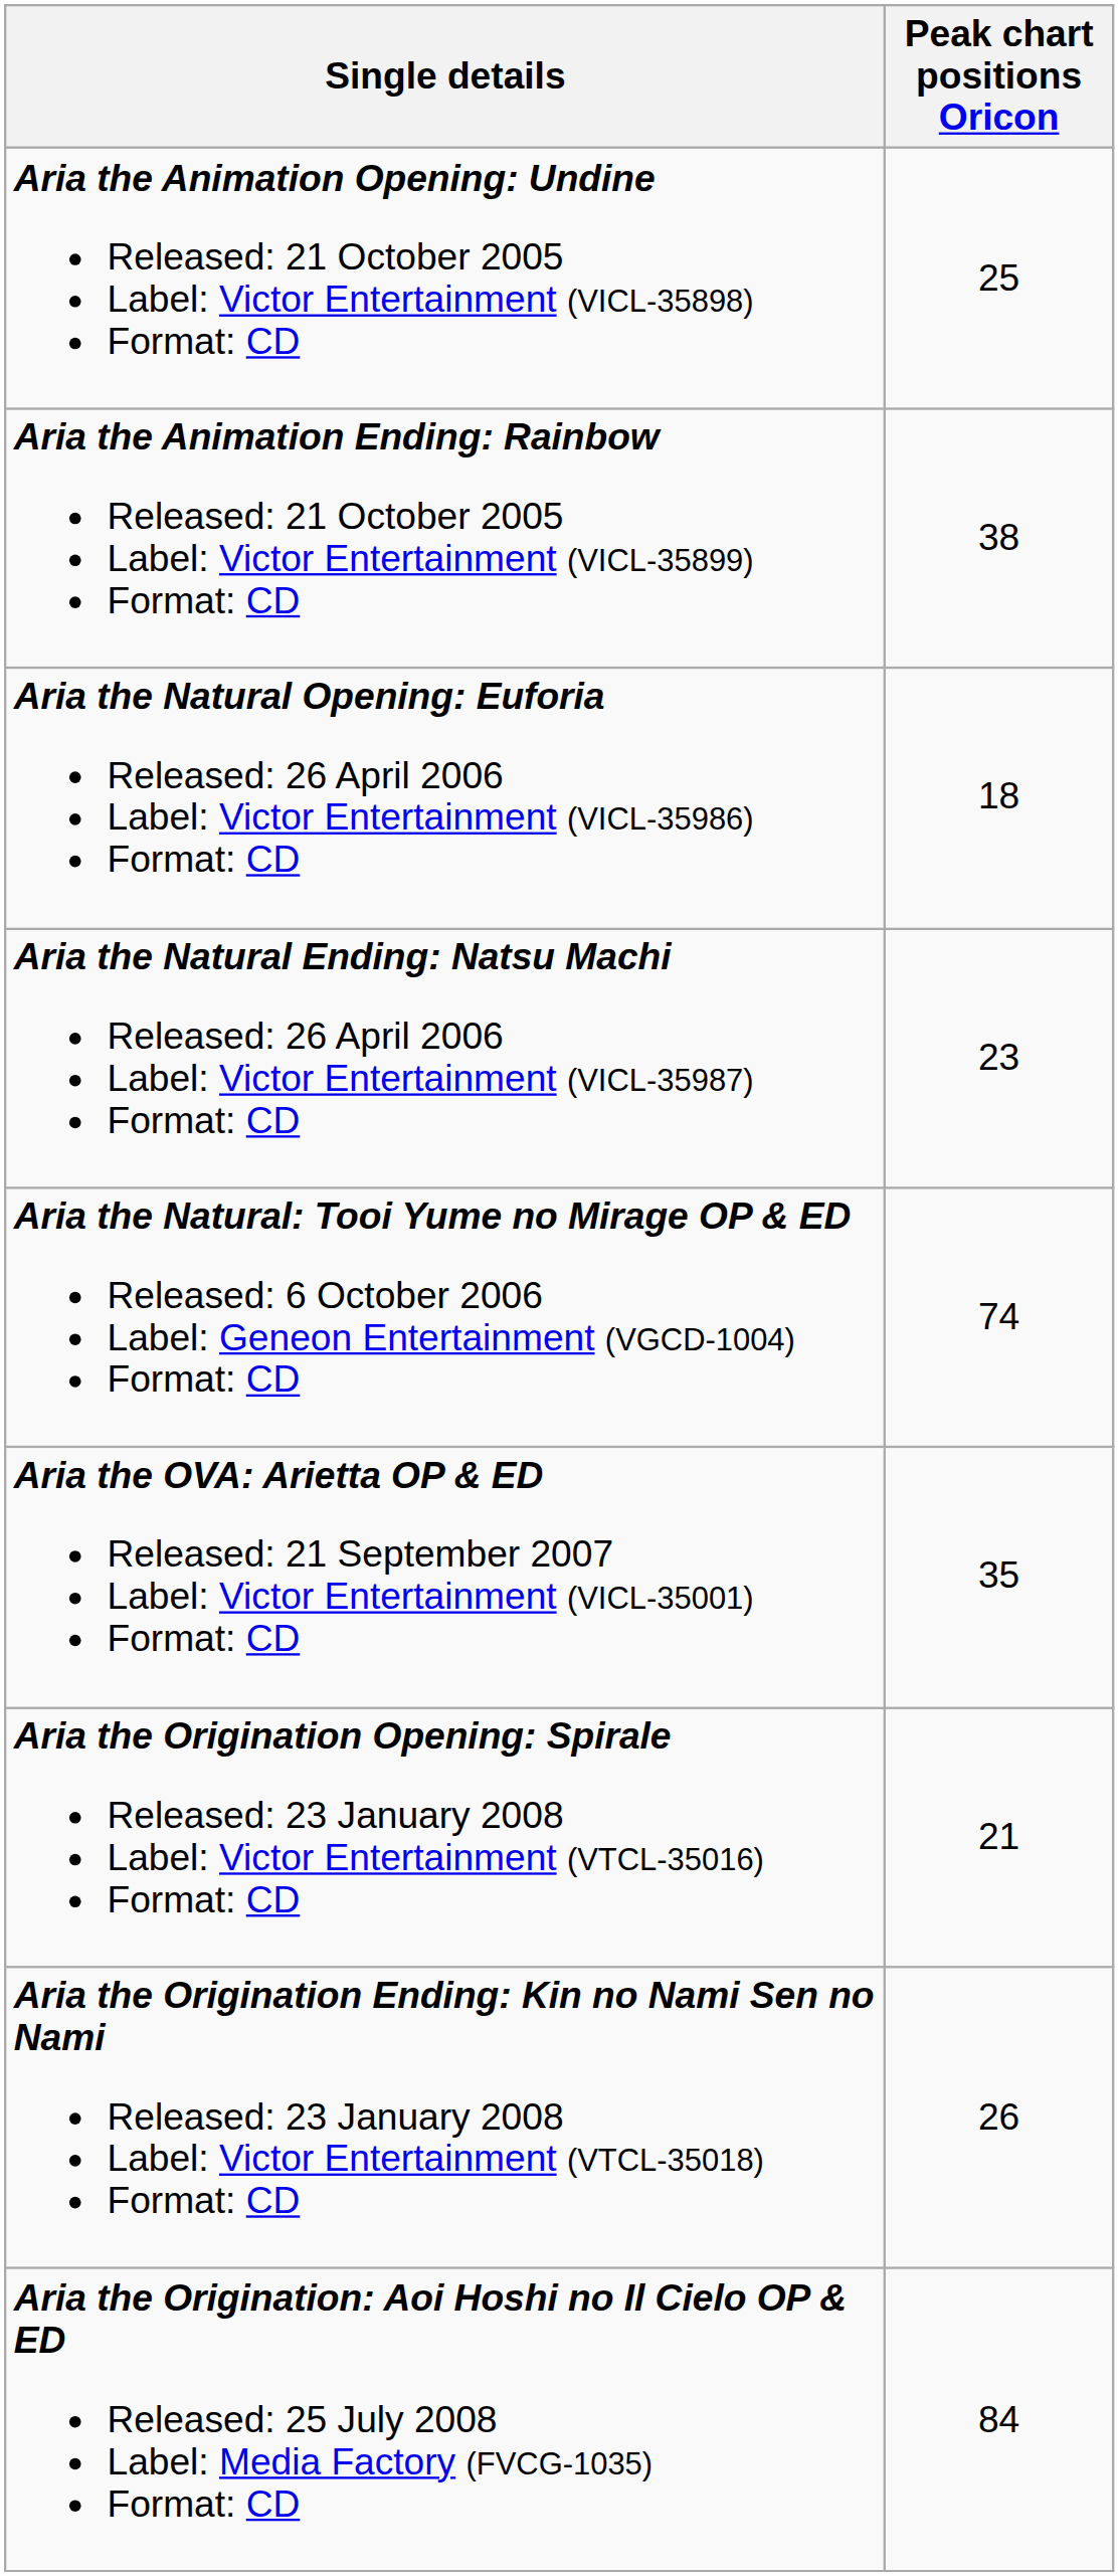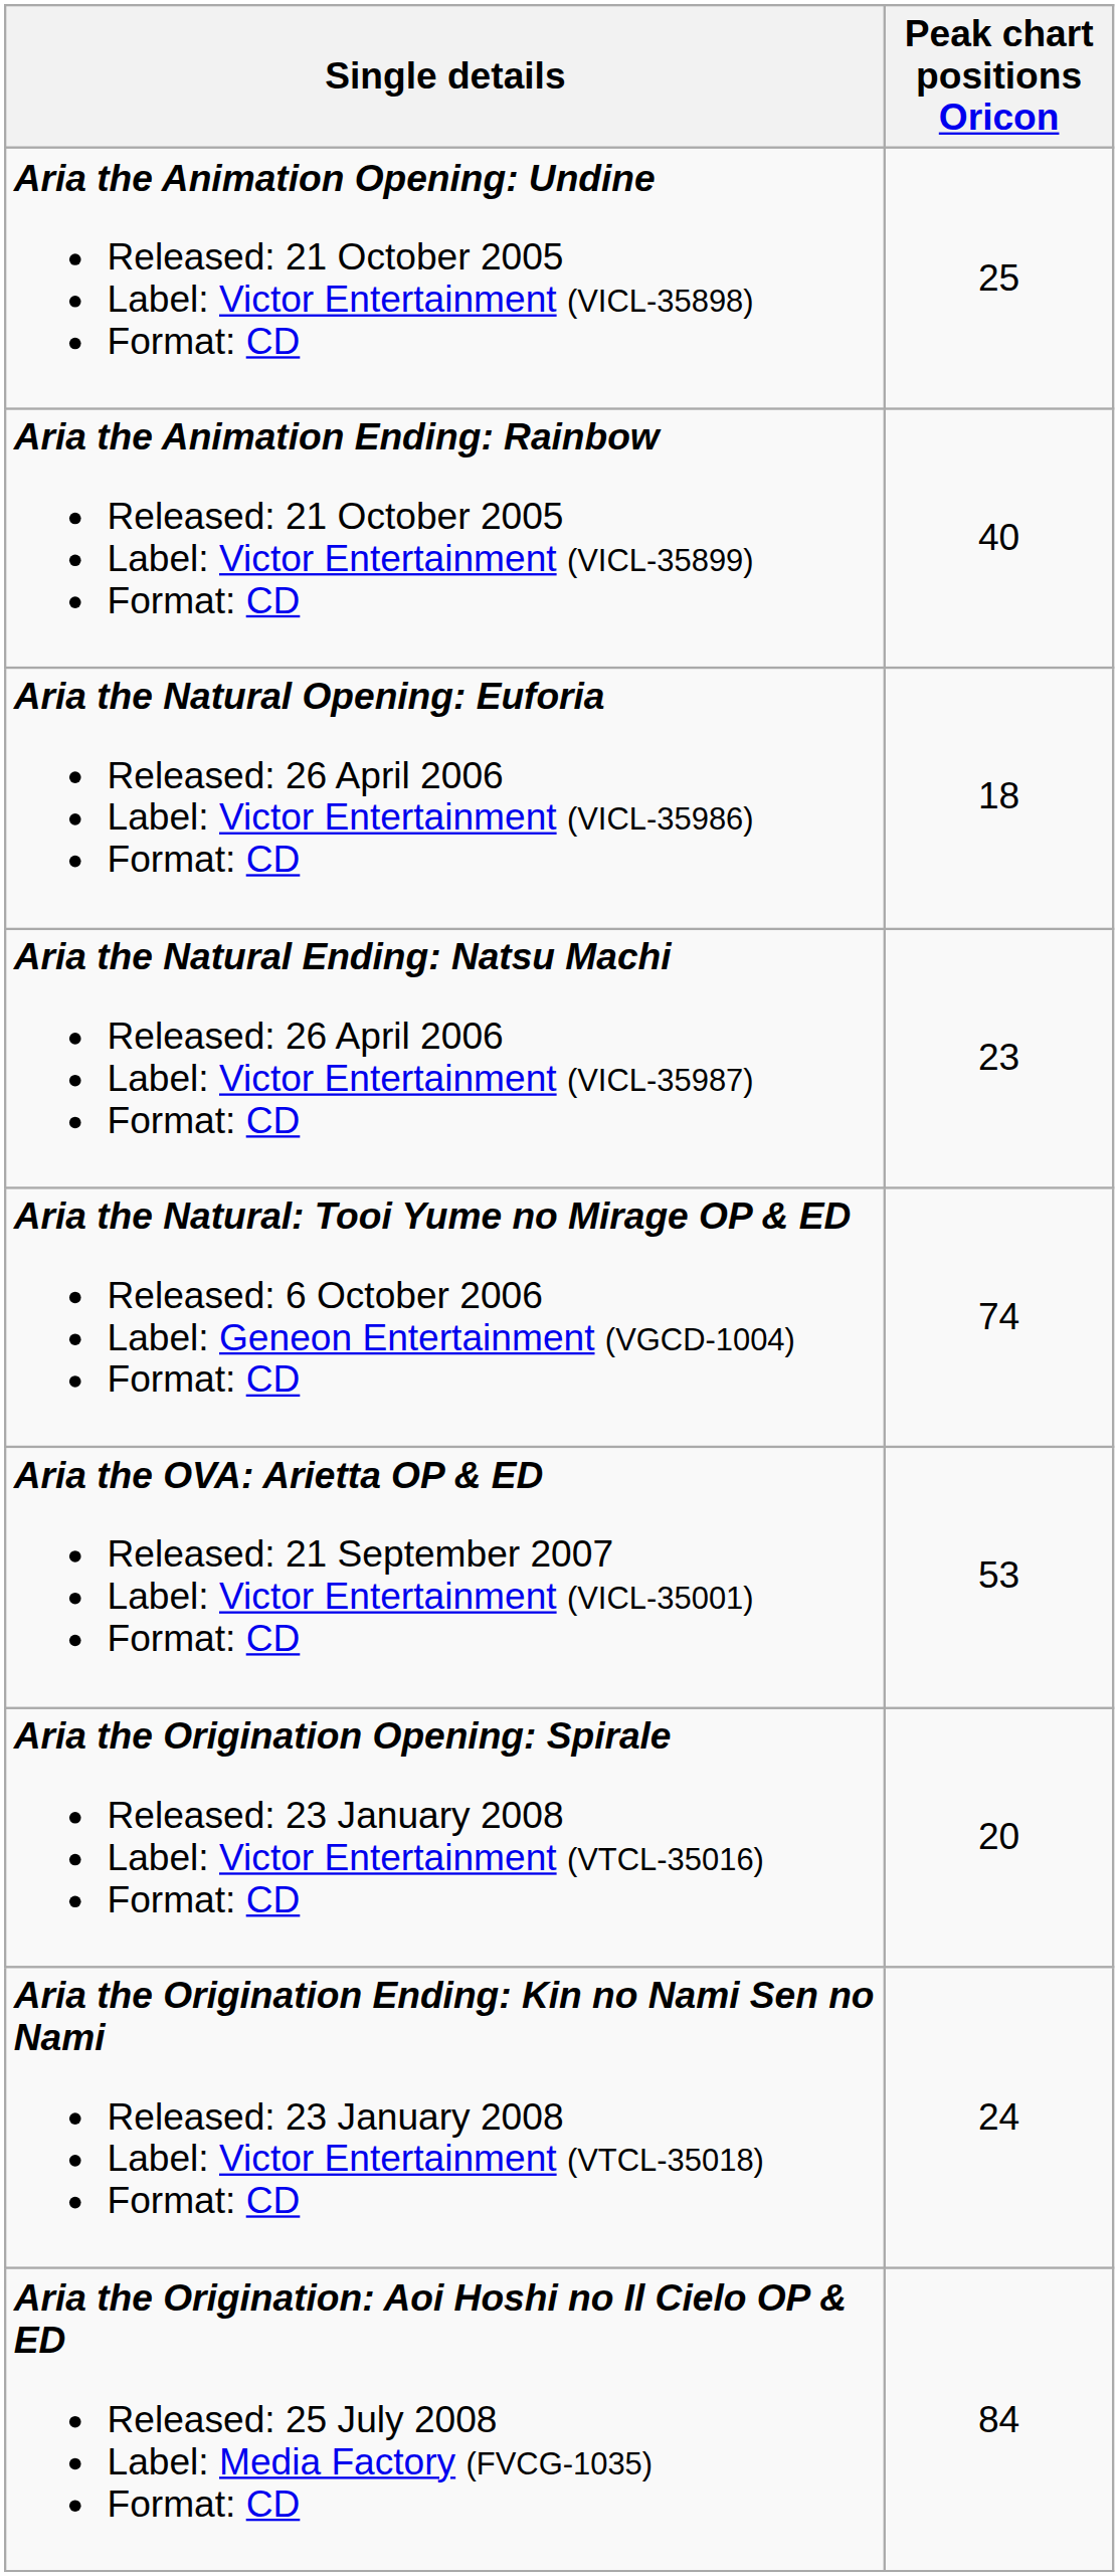 <table class="wikitable">
 <tr>
 <th style="width:370px;">Single details</th>
 <th style="width:90px;">Peak chart positions <br> <a href='#'>Oricon</a></th>
 </tr>
 <tr>
 <td><strong><em>Aria the Animation Opening: Undine</em></strong><br><ul><li>Released: 21 October 2005</li><li>Label: <a href='#'>Victor Entertainment</a> <small>(VICL-35898)</small></li><li>Format: <a href='#'>CD</a></li></ul></td>
 <td style="text-align:center;">25</td>
 </tr>
 <tr>
 <td><strong><em>Aria the Animation Ending: Rainbow</em></strong><br><ul><li>Released: 21 October 2005</li><li>Label: <a href='#'>Victor Entertainment</a> <small>(VICL-35899)</small></li><li>Format: <a href='#'>CD</a></li></ul></td>
-<td style="text-align:center;">38</td>
+<td style="text-align:center;">40</td>
 </tr>
 <tr>
 <td><strong><em>Aria the Natural Opening: Euforia</em></strong><br><ul><li>Released: 26 April 2006</li><li>Label: <a href='#'>Victor Entertainment</a> <small>(VICL-35986)</small></li><li>Format: <a href='#'>CD</a></li></ul></td>
 <td style="text-align:center;">18</td>
 </tr>
 <tr>
 <td><strong><em>Aria the Natural Ending: Natsu Machi</em></strong><br><ul><li>Released: 26 April 2006</li><li>Label: <a href='#'>Victor Entertainment</a> <small>(VICL-35987)</small></li><li>Format: <a href='#'>CD</a></li></ul></td>
 <td style="text-align:center;">23</td>
 </tr>
 <tr>
 <td><strong><em>Aria the Natural: Tooi Yume no Mirage OP & ED</em></strong><br><ul><li>Released: 6 October 2006</li><li>Label: <a href='#'>Geneon Entertainment</a> <small>(VGCD-1004)</small></li><li>Format: <a href='#'>CD</a></li></ul></td>
 <td style="text-align:center;">74</td>
 </tr>
 <tr>
 <td><strong><em>Aria the OVA: Arietta OP & ED</em></strong><br><ul><li>Released: 21 September 2007</li><li>Label: <a href='#'>Victor Entertainment</a> <small>(VICL-35001)</small></li><li>Format: <a href='#'>CD</a></li></ul></td>
-<td style="text-align:center;">35</td>
+<td style="text-align:center;">53</td>
 </tr>
 <tr>
 <td><strong><em>Aria the Origination Opening: Spirale</em></strong><br><ul><li>Released: 23 January 2008</li><li>Label: <a href='#'>Victor Entertainment</a> <small>(VTCL-35016)</small></li><li>Format: <a href='#'>CD</a></li></ul></td>
-<td style="text-align:center;">21</td>
+<td style="text-align:center;">20</td>
 </tr>
 <tr>
 <td><strong><em>Aria the Origination Ending: Kin no Nami Sen no Nami</em></strong><br><ul><li>Released: 23 January 2008</li><li>Label: <a href='#'>Victor Entertainment</a> <small>(VTCL-35018)</small></li><li>Format: <a href='#'>CD</a></li></ul></td>
-<td style="text-align:center;">26</td>
+<td style="text-align:center;">24</td>
 </tr>
 <tr>
 <td><strong><em>Aria the Origination: Aoi Hoshi no Il Cielo OP & ED</em></strong><br><ul><li>Released: 25 July 2008</li><li>Label: <a href='#'>Media Factory</a> <small>(FVCG-1035)</small></li><li>Format: <a href='#'>CD</a></li></ul></td>
 <td style="text-align:center;">84</td>
 </tr>
 </table>
